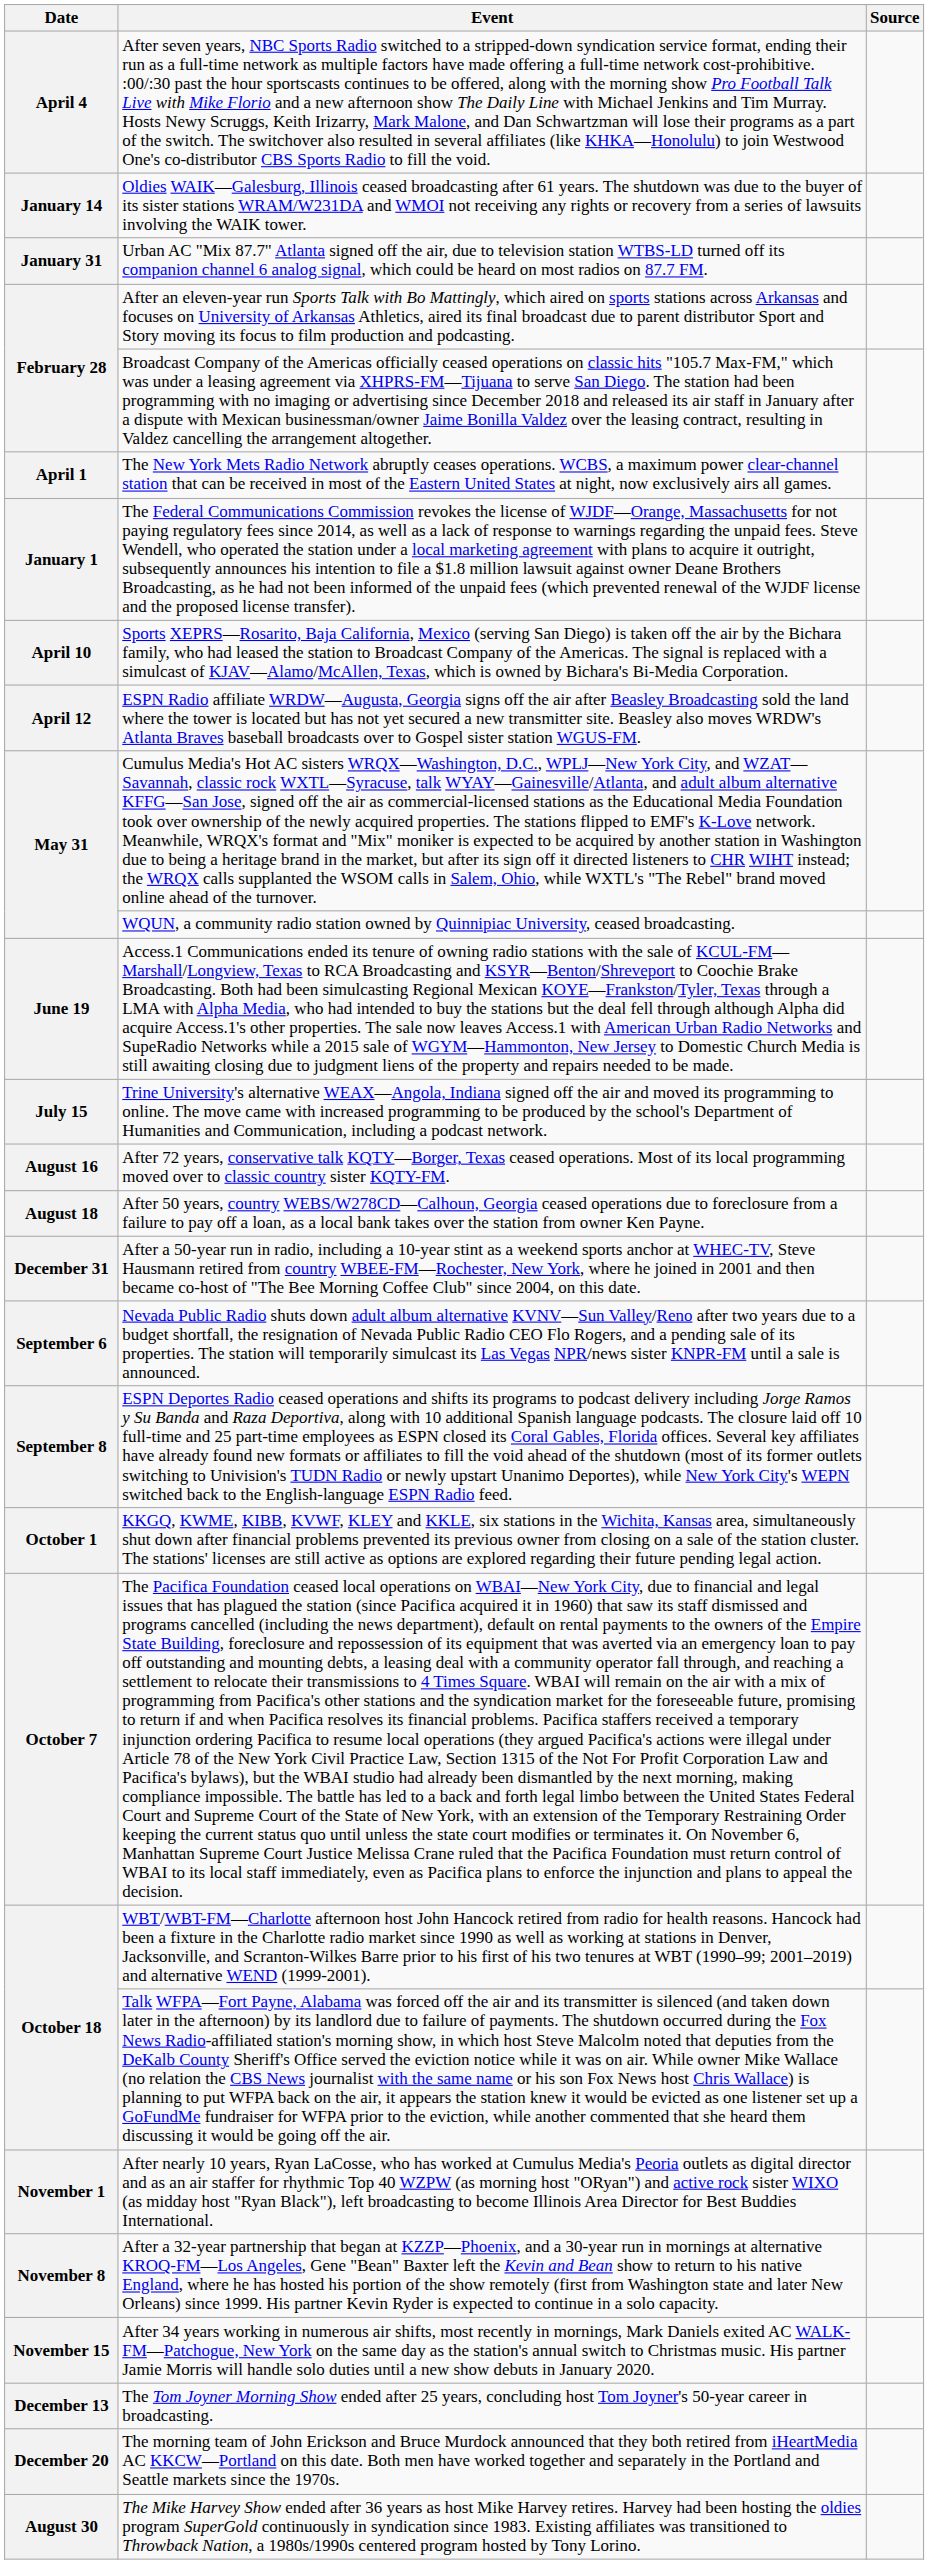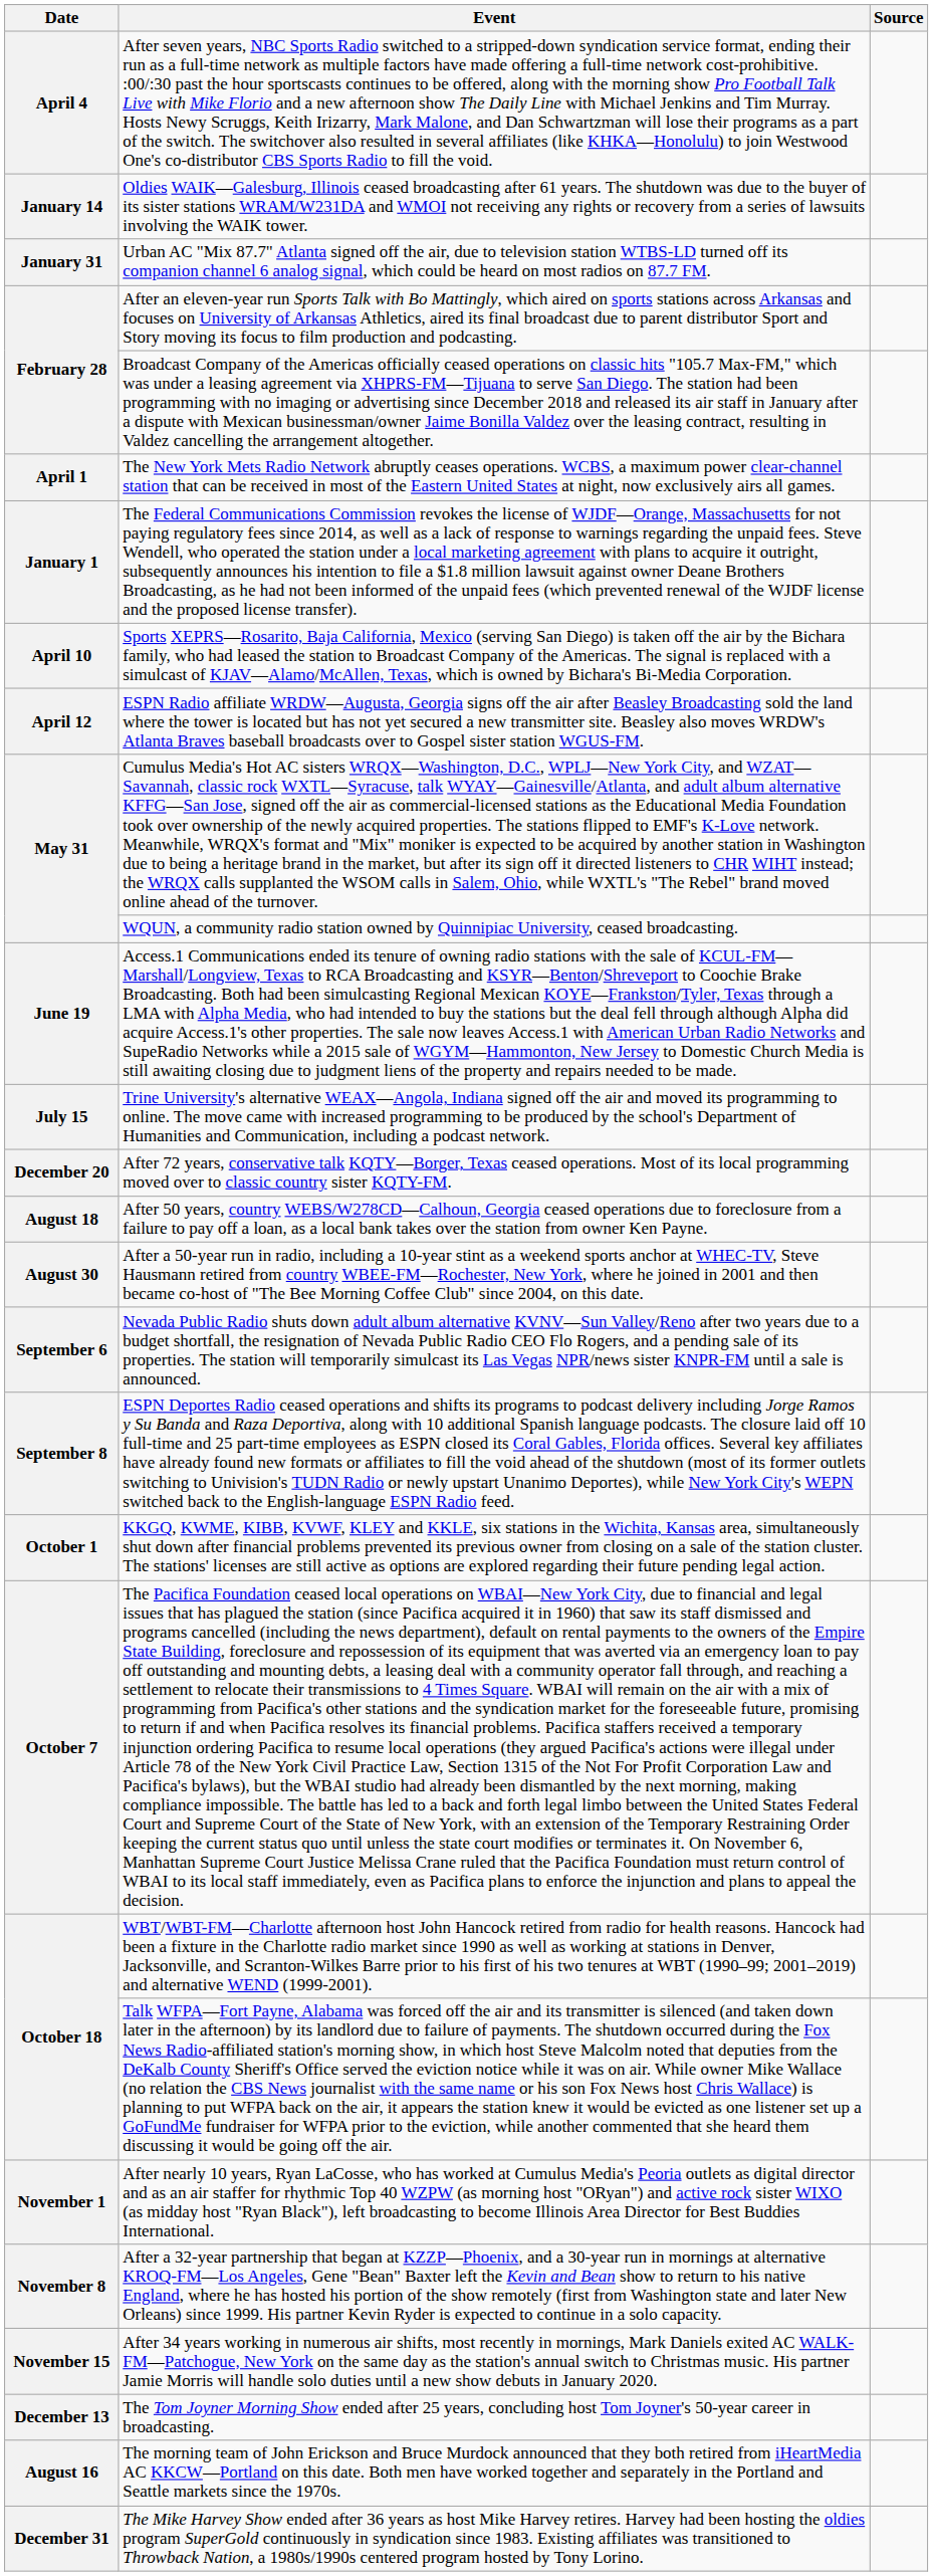 <table class="wikitable">
 <tr>
 <th width=100>Date</th>
 <th>Event</th>
 <th>Source</th>
 </tr>
 <tr>
 <th>April 4</th>
 <td>After seven years, <a href='#'>NBC Sports Radio</a> switched to a stripped-down syndication service format, ending their run as a full-time network as multiple factors have made offering a full-time network cost-prohibitive. :00/:30 past the hour sportscasts continues to be offered, along with the morning show <em><a href='#'>Pro Football Talk Live</a> with <a href='#'>Mike Florio</a></em> and a new afternoon show <em>The Daily Line</em> with Michael Jenkins and Tim Murray. Hosts Newy Scruggs, Keith Irizarry, <a href='#'>Mark Malone</a>, and Dan Schwartzman will lose their programs as a part of the switch. The switchover also resulted in several affiliates (like <a href='#'>KHKA</a>—<a href='#'>Honolulu</a>) to join Westwood One's co-distributor <a href='#'>CBS Sports Radio</a> to fill the void.</td>
 <td></td>
 </tr>
 <tr>
 <th>January 14</th>
 <td><a href='#'>Oldies</a> <a href='#'>WAIK</a>—<a href='#'>Galesburg, Illinois</a> ceased broadcasting after 61 years. The shutdown was due to the buyer of its sister stations <a href='#'>WRAM/W231DA</a> and <a href='#'>WMOI</a> not receiving any rights or recovery from a series of lawsuits involving the WAIK tower.</td>
 <td></td>
 </tr>
 <tr>
 <th>January 31</th>
 <td>Urban AC "Mix 87.7" <a href='#'>Atlanta</a> signed off the air, due to television station <a href='#'>WTBS-LD</a> turned off its <a href='#'>companion channel 6 analog signal</a>, which could be heard on most radios on <a href='#'>87.7 FM</a>.</td>
 <td></td>
 </tr>
 <tr>
 <th rowspan=2>February 28</th>
 <td>After an eleven-year run <em>Sports Talk with Bo Mattingly</em>, which aired on <a href='#'>sports</a> stations across <a href='#'>Arkansas</a> and focuses on <a href='#'>University of Arkansas</a> Athletics, aired its final broadcast due to parent distributor Sport and Story moving its focus to film production and podcasting.</td>
 <td></td>
 </tr>
 <tr>
 <td>Broadcast Company of the Americas officially ceased operations on <a href='#'>classic hits</a> "105.7 Max-FM," which was under a leasing agreement via <a href='#'>XHPRS-FM</a>—<a href='#'>Tijuana</a> to serve <a href='#'>San Diego</a>. The station had been programming with no imaging or advertising since December 2018 and released its air staff in January after a dispute with Mexican businessman/owner <a href='#'>Jaime Bonilla Valdez</a> over the leasing contract, resulting in Valdez cancelling the arrangement altogether.</td>
 <td></td>
 </tr>
 <tr>
 <th>April 1</th>
 <td>The <a href='#'>New York Mets Radio Network</a> abruptly ceases operations. <a href='#'>WCBS</a>, a maximum power <a href='#'>clear-channel station</a> that can be received in most of the <a href='#'>Eastern United States</a> at night, now exclusively airs all games.</td>
 <td></td>
 </tr>
 <tr>
 <th>January 1</th>
 <td>The <a href='#'>Federal Communications Commission</a> revokes the license of <a href='#'>WJDF</a>—<a href='#'>Orange, Massachusetts</a> for not paying regulatory fees since 2014, as well as a lack of response to warnings regarding the unpaid fees. Steve Wendell, who operated the station under a <a href='#'>local marketing agreement</a> with plans to acquire it outright, subsequently announces his intention to file a $1.8 million lawsuit against owner Deane Brothers Broadcasting, as he had not been informed of the unpaid fees (which prevented renewal of the WJDF license and the proposed license transfer).</td>
 <td></td>
 </tr>
 <tr>
 <th>April 10</th>
 <td><a href='#'>Sports</a> <a href='#'>XEPRS</a>—<a href='#'>Rosarito, Baja California</a>, <a href='#'>Mexico</a> (serving San Diego) is taken off the air by the Bichara family, who had leased the station to Broadcast Company of the Americas. The signal is replaced with a simulcast of <a href='#'>KJAV</a>—<a href='#'>Alamo</a>/<a href='#'>McAllen, Texas</a>, which is owned by Bichara's Bi-Media Corporation.</td>
 <td></td>
 </tr>
 <tr>
 <th>April 12</th>
 <td><a href='#'>ESPN Radio</a> affiliate <a href='#'>WRDW</a>—<a href='#'>Augusta, Georgia</a> signs off the air after <a href='#'>Beasley Broadcasting</a> sold the land where the tower is located but has not yet secured a new transmitter site. Beasley also moves WRDW's <a href='#'>Atlanta Braves</a> baseball broadcasts over to Gospel sister station <a href='#'>WGUS-FM</a>.</td>
 <td></td>
 </tr>
 <tr>
 <th rowspan=2>May 31</th>
 <td>Cumulus Media's Hot AC sisters <a href='#'>WRQX</a>—<a href='#'>Washington, D.C.</a>, <a href='#'>WPLJ</a>—<a href='#'>New York City</a>, and <a href='#'>WZAT</a>—<a href='#'>Savannah</a>, <a href='#'>classic rock</a> <a href='#'>WXTL</a>—<a href='#'>Syracuse</a>, <a href='#'>talk</a> <a href='#'>WYAY</a>—<a href='#'>Gainesville</a>/<a href='#'>Atlanta</a>, and <a href='#'>adult album alternative</a> <a href='#'>KFFG</a>—<a href='#'>San Jose</a>, signed off the air as commercial-licensed stations as the Educational Media Foundation took over ownership of the newly acquired properties. The stations flipped to EMF's <a href='#'>K-Love</a> network. Meanwhile, WRQX's format and "Mix" moniker is expected to be acquired by another station in Washington due to being a heritage brand in the market, but after its sign off it directed listeners to <a href='#'>CHR</a> <a href='#'>WIHT</a> instead; the <a href='#'>WRQX</a> calls supplanted the WSOM calls in <a href='#'>Salem, Ohio</a>, while WXTL's "The Rebel" brand moved online ahead of the turnover.</td>
 <td></td>
 </tr>
 <tr>
 <td><a href='#'>WQUN</a>, a community radio station owned by <a href='#'>Quinnipiac University</a>, ceased broadcasting.</td>
 <td></td>
 </tr>
 <tr>
 <th>June 19</th>
 <td>Access.1 Communications ended its tenure of owning radio stations with the sale of <a href='#'>KCUL-FM</a>—<a href='#'>Marshall</a>/<a href='#'>Longview, Texas</a> to RCA Broadcasting and <a href='#'>KSYR</a>—<a href='#'>Benton</a>/<a href='#'>Shreveport</a> to Coochie Brake Broadcasting. Both had been simulcasting Regional Mexican <a href='#'>KOYE</a>—<a href='#'>Frankston</a>/<a href='#'>Tyler, Texas</a> through a LMA with <a href='#'>Alpha Media</a>, who had intended to buy the stations but the deal fell through although Alpha did acquire Access.1's other properties. The sale now leaves Access.1 with <a href='#'>American Urban Radio Networks</a> and SupeRadio Networks while a 2015 sale of <a href='#'>WGYM</a>—<a href='#'>Hammonton, New Jersey</a> to Domestic Church Media is still awaiting closing due to judgment liens of the property and repairs needed to be made.</td>
 <td></td>
 </tr>
 <tr>
 <th>July 15</th>
 <td><a href='#'>Trine University</a>'s alternative <a href='#'>WEAX</a>—<a href='#'>Angola, Indiana</a> signed off the air and moved its programming to online. The move came with increased programming to be produced by the school's Department of Humanities and Communication, including a podcast network.</td>
 <td></td>
 </tr>
 <tr>
-<th>August 16</th>
+<th>December 20</th>
 <td>After 72 years, <a href='#'>conservative talk</a> <a href='#'>KQTY</a>—<a href='#'>Borger, Texas</a> ceased operations. Most of its local programming moved over to <a href='#'>classic country</a> sister <a href='#'>KQTY-FM</a>.</td>
 <td></td>
 </tr>
 <tr>
 <th>August 18</th>
 <td>After 50 years, <a href='#'>country</a> <a href='#'>WEBS/W278CD</a>—<a href='#'>Calhoun, Georgia</a> ceased operations due to foreclosure from a failure to pay off a loan, as a local bank takes over the station from owner Ken Payne.</td>
 <td></td>
 </tr>
 <tr>
-<th>December 31</th>
+<th>August 30</th>
 <td>After a 50-year run in radio, including a 10-year stint as a weekend sports anchor at <a href='#'>WHEC-TV</a>, Steve Hausmann retired from <a href='#'>country</a> <a href='#'>WBEE-FM</a>—<a href='#'>Rochester, New York</a>, where he joined in 2001 and then became co-host of "The Bee Morning Coffee Club" since 2004, on this date.</td>
 <td></td>
 </tr>
 <tr>
 <th>September 6</th>
 <td><a href='#'>Nevada Public Radio</a> shuts down <a href='#'>adult album alternative</a> <a href='#'>KVNV</a>—<a href='#'>Sun Valley</a>/<a href='#'>Reno</a> after two years due to a budget shortfall, the resignation of Nevada Public Radio CEO Flo Rogers, and a pending sale of its properties. The station will temporarily simulcast its <a href='#'>Las Vegas</a> <a href='#'>NPR</a>/news sister <a href='#'>KNPR-FM</a> until a sale is announced.</td>
 <td></td>
 </tr>
 <tr>
 <th>September 8</th>
 <td><a href='#'>ESPN Deportes Radio</a> ceased operations and shifts its programs to podcast delivery including <em>Jorge Ramos y Su Banda</em> and <em>Raza Deportiva</em>, along with 10 additional Spanish language podcasts. The closure laid off 10 full-time and 25 part-time employees as ESPN closed its <a href='#'>Coral Gables, Florida</a> offices. Several key affiliates have already found new formats or affiliates to fill the void ahead of the shutdown (most of its former outlets switching to Univision's <a href='#'>TUDN Radio</a> or newly upstart Unanimo Deportes), while <a href='#'>New York City</a>'s <a href='#'>WEPN</a> switched back to the English-language <a href='#'>ESPN Radio</a> feed.</td>
 <td></td>
 </tr>
 <tr>
 <th>October 1</th>
 <td><a href='#'>KKGQ</a>, <a href='#'>KWME</a>, <a href='#'>KIBB</a>, <a href='#'>KVWF</a>, <a href='#'>KLEY</a> and <a href='#'>KKLE</a>, six stations in the <a href='#'>Wichita, Kansas</a> area, simultaneously shut down after financial problems prevented its previous owner from closing on a sale of the station cluster. The stations' licenses are still active as options are explored regarding their future pending legal action.</td>
 <td></td>
 </tr>
 <tr>
 <th>October 7</th>
 <td>The <a href='#'>Pacifica Foundation</a> ceased local operations on <a href='#'>WBAI</a>—<a href='#'>New York City</a>, due to financial and legal issues that has plagued the station (since Pacifica acquired it in 1960) that saw its staff dismissed and programs cancelled (including the news department), default on rental payments to the owners of the <a href='#'>Empire State Building</a>, foreclosure and repossession of its equipment that was averted via an emergency loan to pay off outstanding and mounting debts, a leasing deal with a community operator fall through, and reaching a settlement to relocate their transmissions to <a href='#'>4 Times Square</a>. WBAI will remain on the air with a mix of programming from Pacifica's other stations and the syndication market for the foreseeable future, promising to return if and when Pacifica resolves its financial problems. Pacifica staffers received a temporary injunction ordering Pacifica to resume local operations (they argued Pacifica's actions were illegal under Article 78 of the New York Civil Practice Law, Section 1315 of the Not For Profit Corporation Law and Pacifica's bylaws), but the WBAI studio had already been dismantled by the next morning, making compliance impossible. The battle has led to a back and forth legal limbo between the United States Federal Court and Supreme Court of the State of New York, with an extension of the Temporary Restraining Order keeping the current status quo until unless the state court modifies or terminates it. On November 6, Manhattan Supreme Court Justice Melissa Crane ruled that the Pacifica Foundation must return control of WBAI to its local staff immediately, even as Pacifica plans to enforce the injunction and plans to appeal the decision.</td>
 <td></td>
 </tr>
 <tr>
 <th rowspan=2>October 18</th>
 <td><a href='#'>WBT</a>/<a href='#'>WBT-FM</a>—<a href='#'>Charlotte</a> afternoon host John Hancock retired from radio for health reasons. Hancock had been a fixture in the Charlotte radio market since 1990 as well as working at stations in Denver, Jacksonville, and Scranton-Wilkes Barre prior to his first of his two tenures at WBT (1990–99; 2001–2019) and alternative <a href='#'>WEND</a> (1999-2001).</td>
 <td></td>
 </tr>
 <tr>
 <td><a href='#'>Talk</a> <a href='#'>WFPA</a>—<a href='#'>Fort Payne, Alabama</a> was forced off the air and its transmitter is silenced (and taken down later in the afternoon) by its landlord due to failure of payments. The shutdown occurred during the <a href='#'>Fox News Radio</a>-affiliated station's morning show, in which host Steve Malcolm noted that deputies from the <a href='#'>DeKalb County</a> Sheriff's Office served the eviction notice while it was on air. While owner Mike Wallace (no relation the <a href='#'>CBS News</a> journalist <a href='#'>with the same name</a> or his son Fox News host <a href='#'>Chris Wallace</a>) is planning to put WFPA back on the air, it appears the station knew it would be evicted as one listener set up a <a href='#'>GoFundMe</a> fundraiser for WFPA prior to the eviction, while another commented that she heard them discussing it would be going off the air.</td>
 <td></td>
 </tr>
 <tr>
 <th>November 1</th>
 <td>After nearly 10 years, Ryan LaCosse, who has worked at Cumulus Media's <a href='#'>Peoria</a> outlets as digital director and as an air staffer for rhythmic Top 40 <a href='#'>WZPW</a> (as morning host "ORyan") and <a href='#'>active rock</a> sister <a href='#'>WIXO</a> (as midday host "Ryan Black"), left broadcasting to become Illinois Area Director for Best Buddies International.</td>
 <td></td>
 </tr>
 <tr>
 <th>November 8</th>
 <td>After a 32-year partnership that began at <a href='#'>KZZP</a>—<a href='#'>Phoenix</a>, and a 30-year run in mornings at alternative <a href='#'>KROQ-FM</a>—<a href='#'>Los Angeles</a>, Gene "Bean" Baxter left the <em><a href='#'>Kevin and Bean</a></em> show to return to his native <a href='#'>England</a>, where he has hosted his portion of the show remotely (first from Washington state and later New Orleans) since 1999. His partner Kevin Ryder is expected to continue in a solo capacity.</td>
 <td></td>
 </tr>
 <tr>
 <th>November 15</th>
 <td>After 34 years working in numerous air shifts, most recently in mornings, Mark Daniels exited AC <a href='#'>WALK-FM</a>—<a href='#'>Patchogue, New York</a> on the same day as the station's annual switch to Christmas music. His partner Jamie Morris will handle solo duties until a new show debuts in January 2020.</td>
 <td></td>
 </tr>
 <tr>
 <th>December 13</th>
 <td>The <em><a href='#'>Tom Joyner Morning Show</a></em> ended after 25 years, concluding host <a href='#'>Tom Joyner</a>'s 50-year career in broadcasting.</td>
 <td></td>
 </tr>
 <tr>
-<th>December 20</th>
+<th>August 16</th>
 <td>The morning team of John Erickson and Bruce Murdock announced that they both retired from <a href='#'>iHeartMedia</a> AC <a href='#'>KKCW</a>—<a href='#'>Portland</a> on this date. Both men have worked together and separately in the Portland and Seattle markets since the 1970s.</td>
 <td></td>
 </tr>
 <tr>
-<th>August 30</th>
+<th>December 31</th>
 <td><em>The Mike Harvey Show</em> ended after 36 years as host Mike Harvey retires. Harvey had been hosting the <a href='#'>oldies</a> program <em>SuperGold</em> continuously in syndication since 1983. Existing affiliates was transitioned to <em>Throwback Nation</em>, a 1980s/1990s centered program hosted by Tony Lorino.</td>
 <td></td>
 </tr>
 </table>
